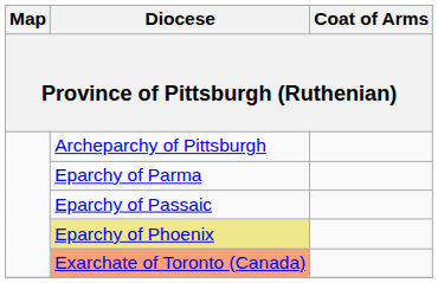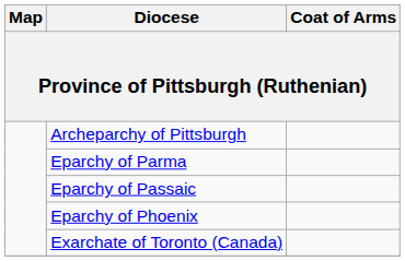 <table class="wikitable sortable">
 <tr>
 <th class="unsortable">Map</th>
 <th>Diocese</th>
 <th class=unsortable>Coat of Arms</th>
 </tr>
 <tr>
 <th colspan="3"><br><h3>Province of Pittsburgh (Ruthenian)</h3></th>
 </tr>
 <tr>
 <td rowspan="5"></td>
 <td><a href='#'>Archeparchy of Pittsburgh</a></td>
 <td></td>
 </tr>
 <tr>
 <td><a href='#'>Eparchy of Parma</a></td>
 <td></td>
 </tr>
 <tr>
 <td><a href='#'>Eparchy of Passaic</a></td>
 <td></td>
 </tr>
 <tr>
-<td style="background: khaki;"><a href='#'>Eparchy of Phoenix</a></td>
+<td><a href='#'>Eparchy of Phoenix</a></td>
 <td></td>
 </tr>
 <tr>
-<td style="background: lightsalmon;"><a href='#'>Exarchate of Toronto (Canada)</a></td>
+<td><a href='#'>Exarchate of Toronto (Canada)</a></td>
 <td></td>
 </tr>
 <tr>
 </tr>
 </table>
